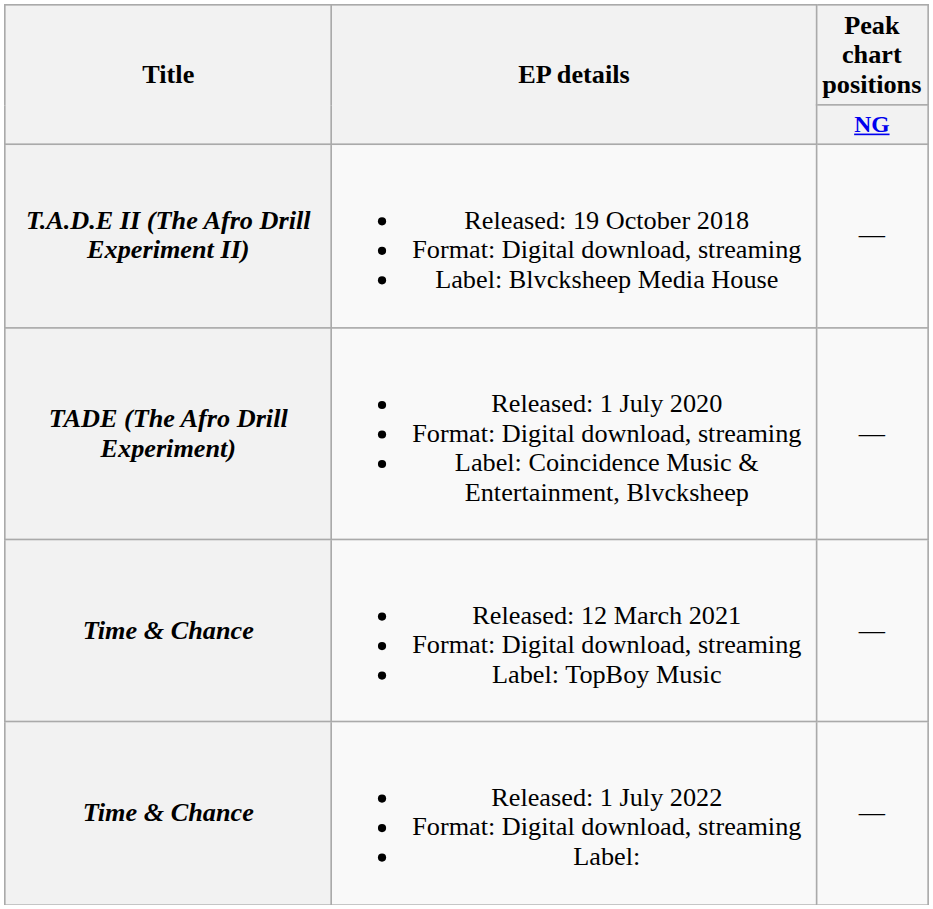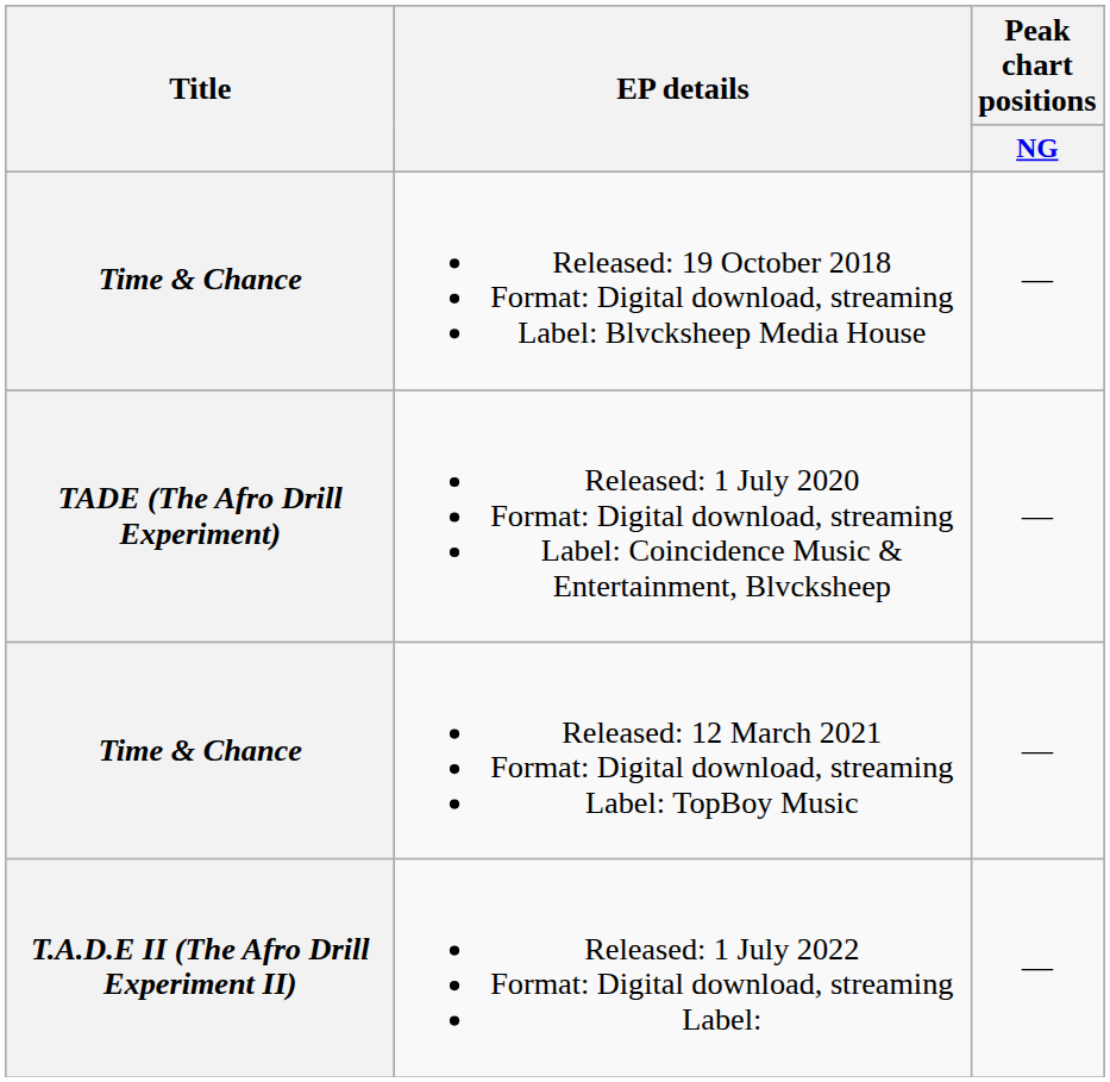 <table class="wikitable plainrowheaders" style="text-align:center;">
 <tr>
 <th scope="col" rowspan="2" style="width:12em;">Title</th>
 <th scope="col" rowspan="2" style="width:18em;">EP details</th>
 <th scope="col" colspan="1">Peak chart positions</th>
 </tr>
 <tr>
 <th scope="col" style="width:2.5em;font-size:90%;"><a href='#'>NG</a><br></th>
 </tr>
 <tr>
-<th scope="row"><em>T.A.D.E II (The Afro Drill Experiment II)</em></th>
+<th scope="row"><em>Time & Chance</em></th>
 <td><br><ul><li>Released: 19 October 2018</li><li>Format: Digital download, streaming</li><li>Label: Blvcksheep Media House</li></ul></td>
 <td>—</td>
 </tr>
 <tr>
 <th scope="row"><em>TADE (The Afro Drill Experiment)</em></th>
 <td><br><ul><li>Released: 1 July 2020</li><li>Format: Digital download, streaming</li><li>Label: Coincidence Music & Entertainment, Blvcksheep</li></ul></td>
 <td>—</td>
 </tr>
 <tr>
 <th scope="row"><em>Time & Chance</em></th>
 <td><br><ul><li>Released: 12 March 2021</li><li>Format: Digital download, streaming</li><li>Label: TopBoy Music</li></ul></td>
 <td>—</td>
 </tr>
 <tr>
-<th scope="row"><em>Time & Chance</em></th>
+<th scope="row"><em>T.A.D.E II (The Afro Drill Experiment II)</em></th>
 <td><br><ul><li>Released: 1 July 2022</li><li>Format: Digital download, streaming</li><li>Label:</li></ul></td>
 <td>—</td>
 </tr>
 </table>
